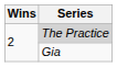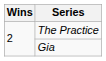 <table class="wikitable">
 <tr>
 <th>Wins</th>
 <th>Series</th>
 </tr>
 <tr>
 <td rowspan=2>2</td>
-<td style="background: lightgrey;"><em>The Practice</em></td>
+<td><em>The Practice</em></td>
 </tr>
 <tr>
 <td><em>Gia</em></td>
 </tr>
 </table>
